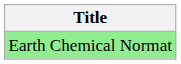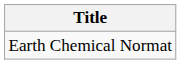 <table class="wikitable">
 <tr>
 <th>Title</th>
 </tr>
 <tr>
-<td style="background: lightgreen;">Earth Chemical Normat</td>
+<td>Earth Chemical Normat</td>
 </tr>
 </table>
